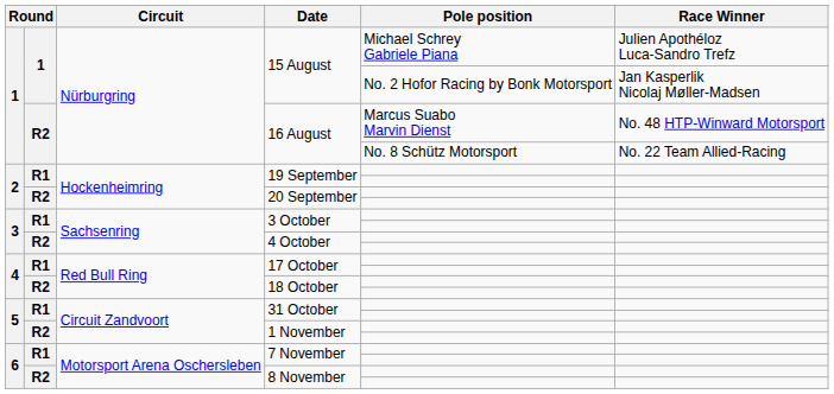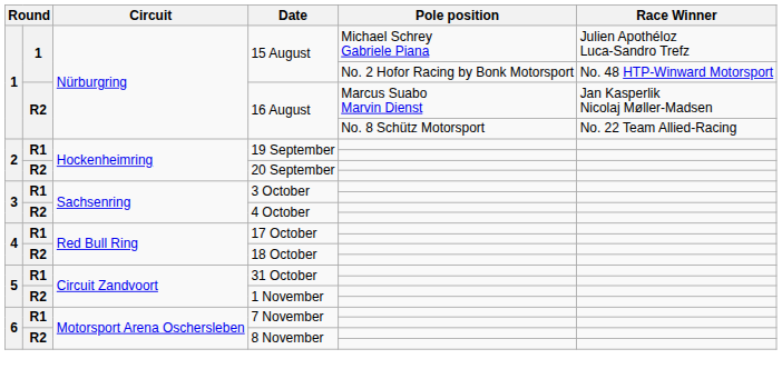 <table class="wikitable" style="font-size: 85%;">
 <tr>
 <th colspan=2>Round</th>
 <th>Circuit</th>
 <th>Date</th>
 <th>Pole position</th>
 <th>Race Winner</th>
 </tr>
 <tr>
 <th rowspan=4>1</th>
 <th rowspan=2>1</th>
 <td rowspan=4> <a href='#'>Nürburgring</a></td>
 <td rowspan=2>15 August</td>
 <td> Michael Schrey<br> <a href='#'>Gabriele Piana</a></td>
 <td> Julien Apothéloz<br> Luca-Sandro Trefz</td>
 </tr>
 <tr>
 <td> No. 2 Hofor Racing by Bonk Motorsport</td>
-<td> Jan Kasperlik<br> Nicolaj Møller-Madsen</td>
+<td> No. 48 <a href='#'>HTP-Winward Motorsport</a></td>
 </tr>
 <tr>
 <th rowspan=2>R2</th>
 <td rowspan=2>16 August</td>
 <td> Marcus Suabo<br> <a href='#'>Marvin Dienst</a></td>
-<td> No. 48 <a href='#'>HTP-Winward Motorsport</a></td>
+<td> Jan Kasperlik<br> Nicolaj Møller-Madsen</td>
 </tr>
 <tr>
 <td> No. 8 Schütz Motorsport</td>
 <td> No. 22 Team Allied-Racing</td>
 </tr>
 <tr>
 <th rowspan=4>2</th>
 <th rowspan=2>R1</th>
 <td rowspan=4> <a href='#'>Hockenheimring</a></td>
 <td rowspan=2>19 September</td>
 <td></td>
 <td></td>
 </tr>
 <tr>
 <td></td>
 <td></td>
 </tr>
 <tr>
 <th rowspan=2>R2</th>
 <td rowspan=2>20 September</td>
 <td></td>
 <td></td>
 </tr>
 <tr>
 <td></td>
 <td></td>
 </tr>
 <tr>
 <th rowspan=4>3</th>
 <th rowspan=2>R1</th>
 <td rowspan=4> <a href='#'>Sachsenring</a></td>
 <td rowspan=2>3 October</td>
 <td></td>
 <td></td>
 </tr>
 <tr>
 <td></td>
 <td></td>
 </tr>
 <tr>
 <th rowspan=2>R2</th>
 <td rowspan=2>4 October</td>
 <td></td>
 <td></td>
 </tr>
 <tr>
 <td></td>
 <td></td>
 </tr>
 <tr>
 <th rowspan=4>4</th>
 <th rowspan=2>R1</th>
 <td rowspan=4> <a href='#'>Red Bull Ring</a></td>
 <td rowspan=2>17 October</td>
 <td></td>
 <td></td>
 </tr>
 <tr>
 <td></td>
 <td></td>
 </tr>
 <tr>
 <th rowspan=2>R2</th>
 <td rowspan=2>18 October</td>
 <td></td>
 <td></td>
 </tr>
 <tr>
 <td></td>
 <td></td>
 </tr>
 <tr>
 <th rowspan=4>5</th>
 <th rowspan=2>R1</th>
 <td rowspan=4> <a href='#'>Circuit Zandvoort</a></td>
 <td rowspan=2>31 October</td>
 <td></td>
 <td></td>
 </tr>
 <tr>
 <td></td>
 <td></td>
 </tr>
 <tr>
 <th rowspan=2>R2</th>
 <td rowspan=2>1 November</td>
 <td></td>
 <td></td>
 </tr>
 <tr>
 <td></td>
 <td></td>
 </tr>
 <tr>
 <th rowspan=4>6</th>
 <th rowspan=2>R1</th>
 <td rowspan=4> <a href='#'>Motorsport Arena Oschersleben</a></td>
 <td rowspan=2>7 November</td>
 <td></td>
 <td></td>
 </tr>
 <tr>
 <td></td>
 <td></td>
 </tr>
 <tr>
 <th rowspan=2>R2</th>
 <td rowspan=2>8 November</td>
 <td></td>
 <td></td>
 </tr>
 <tr>
 <td></td>
 <td></td>
 </tr>
 </table>
